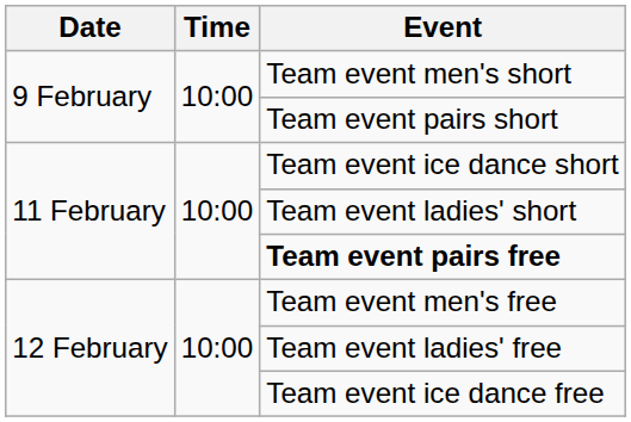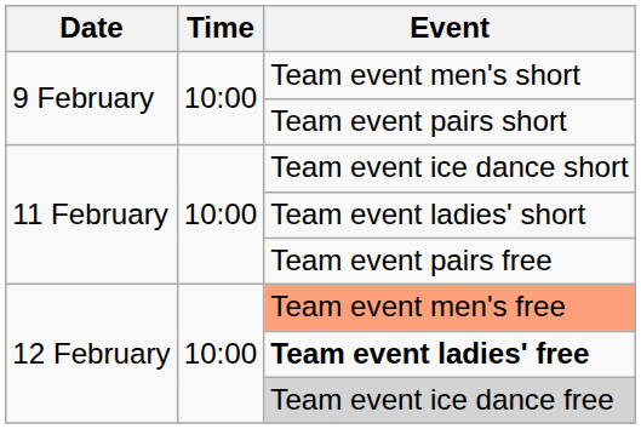 <table class=wikitable>
 <tr>
 <th>Date</th>
 <th>Time</th>
 <th>Event</th>
 </tr>
 <tr>
 <td rowspan=2>9 February</td>
 <td rowspan=2>10:00</td>
 <td>Team event men's short</td>
 </tr>
 <tr>
 <td>Team event pairs short</td>
 </tr>
 <tr>
 <td rowspan=3>11 February</td>
 <td rowspan=3>10:00</td>
 <td>Team event ice dance short</td>
 </tr>
 <tr>
 <td>Team event ladies' short</td>
 </tr>
 <tr>
-<td><strong>Team event pairs free</strong></td>
+<td>Team event pairs free</td>
 </tr>
 <tr>
 <td rowspan=3>12 February</td>
 <td rowspan=3>10:00</td>
-<td>Team event men's free</td>
+<td style="background: lightsalmon;">Team event men's free</td>
 </tr>
 <tr>
-<td>Team event ladies' free</td>
+<td><strong>Team event ladies' free</strong></td>
 </tr>
 <tr>
-<td>Team event ice dance free</td>
+<td style="background: lightgrey;">Team event ice dance free</td>
 </tr>
 </table>
